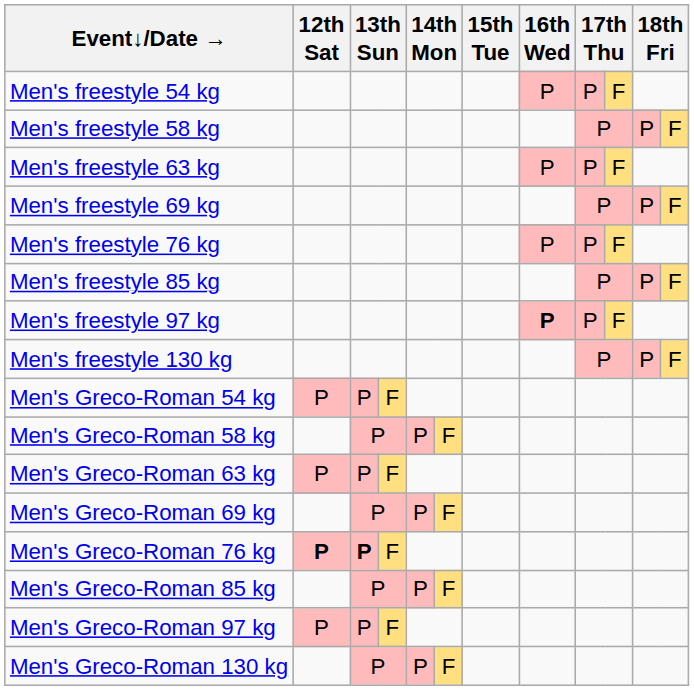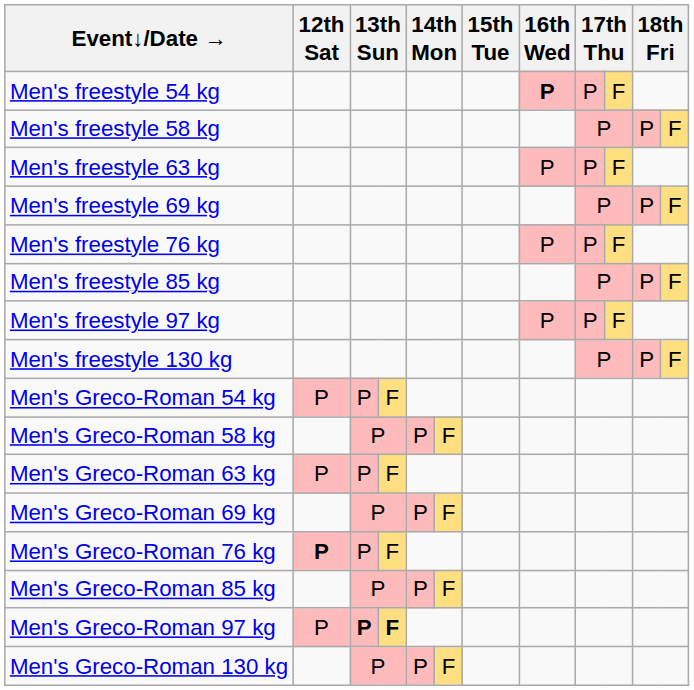 <table class="wikitable" style="margin:0.5em auto; font-size:90%; line-height:1.25em; text-align:center;">
 <tr>
 <th>Event↓/Date →</th>
 <th>12th<br>Sat</th>
 <th colspan=2>13th<br>Sun</th>
 <th colspan=2>14th<br>Mon</th>
 <th>15th<br>Tue</th>
 <th>16th<br>Wed</th>
 <th colspan=2>17th<br>Thu</th>
 <th colspan=2>18th<br>Fri</th>
 </tr>
 <tr>
 <td align="left"><a href='#'>Men's freestyle 54 kg</a></td>
 <td></td>
 <td colspan=2></td>
 <td colspan=2></td>
 <td></td>
-<td bgcolor="#FFBBBB">P</td>
+<td bgcolor="#FFBBBB"><strong>P</strong></td>
 <td bgcolor="#FFBBBB">P</td>
 <td bgcolor="#FFDF80">F</td>
 <td colspan=2></td>
 </tr>
 <tr>
 <td align="left"><a href='#'>Men's freestyle 58 kg</a></td>
 <td></td>
 <td colspan=2></td>
 <td colspan=2></td>
 <td></td>
 <td></td>
 <td colspan=2 bgcolor="#FFBBBB">P</td>
 <td bgcolor="#FFBBBB">P</td>
 <td bgcolor="#FFDF80">F</td>
 </tr>
 <tr>
 <td align="left"><a href='#'>Men's freestyle 63 kg</a></td>
 <td></td>
 <td colspan=2></td>
 <td colspan=2></td>
 <td></td>
 <td bgcolor="#FFBBBB">P</td>
 <td bgcolor="#FFBBBB">P</td>
 <td bgcolor="#FFDF80">F</td>
 <td colspan=2></td>
 </tr>
 <tr>
 <td align="left"><a href='#'>Men's freestyle 69 kg</a></td>
 <td></td>
 <td colspan=2></td>
 <td colspan=2></td>
 <td></td>
 <td></td>
 <td colspan=2 bgcolor="#FFBBBB">P</td>
 <td bgcolor="#FFBBBB">P</td>
 <td bgcolor="#FFDF80">F</td>
 </tr>
 <tr>
 <td align="left"><a href='#'>Men's freestyle 76 kg</a></td>
 <td></td>
 <td colspan=2></td>
 <td colspan=2></td>
 <td></td>
 <td bgcolor="#FFBBBB">P</td>
 <td bgcolor="#FFBBBB">P</td>
 <td bgcolor="#FFDF80">F</td>
 <td colspan=2></td>
 </tr>
 <tr>
 <td align="left"><a href='#'>Men's freestyle 85 kg</a></td>
 <td></td>
 <td colspan=2></td>
 <td colspan=2></td>
 <td></td>
 <td></td>
 <td colspan=2 bgcolor="#FFBBBB">P</td>
 <td bgcolor="#FFBBBB">P</td>
 <td bgcolor="#FFDF80">F</td>
 </tr>
 <tr>
 <td align="left"><a href='#'>Men's freestyle 97 kg</a></td>
 <td></td>
 <td colspan=2></td>
 <td colspan=2></td>
 <td></td>
-<td bgcolor="#FFBBBB"><strong>P</strong></td>
+<td bgcolor="#FFBBBB">P</td>
 <td bgcolor="#FFBBBB">P</td>
 <td bgcolor="#FFDF80">F</td>
 <td colspan=2></td>
 </tr>
 <tr>
 <td align="left"><a href='#'>Men's freestyle 130 kg</a></td>
 <td></td>
 <td colspan=2></td>
 <td colspan=2></td>
 <td></td>
 <td></td>
 <td colspan=2 bgcolor="#FFBBBB">P</td>
 <td bgcolor="#FFBBBB">P</td>
 <td bgcolor="#FFDF80">F</td>
 </tr>
 <tr>
 <td align="left"><a href='#'>Men's Greco-Roman 54 kg</a></td>
 <td bgcolor="#FFBBBB">P</td>
 <td bgcolor="#FFBBBB">P</td>
 <td bgcolor="#FFDF80">F</td>
 <td colspan=2></td>
 <td></td>
 <td></td>
 <td colspan=2></td>
 <td colspan=2></td>
 </tr>
 <tr>
 <td align="left"><a href='#'>Men's Greco-Roman 58 kg</a></td>
 <td></td>
 <td colspan=2 bgcolor="#FFBBBB">P</td>
 <td bgcolor="#FFBBBB">P</td>
 <td bgcolor="#FFDF80">F</td>
 <td></td>
 <td></td>
 <td colspan=2></td>
 <td colspan=2></td>
 </tr>
 <tr>
 <td align="left"><a href='#'>Men's Greco-Roman 63 kg</a></td>
 <td bgcolor="#FFBBBB">P</td>
 <td bgcolor="#FFBBBB">P</td>
 <td bgcolor="#FFDF80">F</td>
 <td colspan=2></td>
 <td></td>
 <td></td>
 <td colspan=2></td>
 <td colspan=2></td>
 </tr>
 <tr>
 <td align="left"><a href='#'>Men's Greco-Roman 69 kg</a></td>
 <td></td>
 <td colspan=2 bgcolor="#FFBBBB">P</td>
 <td bgcolor="#FFBBBB">P</td>
 <td bgcolor="#FFDF80">F</td>
 <td></td>
 <td></td>
 <td colspan=2></td>
 <td colspan=2></td>
 </tr>
 <tr>
 <td align="left"><a href='#'>Men's Greco-Roman 76 kg</a></td>
 <td bgcolor="#FFBBBB"><strong>P</strong></td>
-<td bgcolor="#FFBBBB"><strong>P</strong></td>
+<td bgcolor="#FFBBBB">P</td>
 <td bgcolor="#FFDF80">F</td>
 <td colspan=2></td>
 <td></td>
 <td></td>
 <td colspan=2></td>
 <td colspan=2></td>
 </tr>
 <tr>
 <td align="left"><a href='#'>Men's Greco-Roman 85 kg</a></td>
 <td></td>
 <td colspan=2 bgcolor="#FFBBBB">P</td>
 <td bgcolor="#FFBBBB">P</td>
 <td bgcolor="#FFDF80">F</td>
 <td></td>
 <td></td>
 <td colspan=2></td>
 <td colspan=2></td>
 </tr>
 <tr>
 <td align="left"><a href='#'>Men's Greco-Roman 97 kg</a></td>
 <td bgcolor="#FFBBBB">P</td>
-<td bgcolor="#FFBBBB">P</td>
-<td bgcolor="#FFDF80">F</td>
+<td bgcolor="#FFBBBB"><strong>P</strong></td>
+<td bgcolor="#FFDF80"><strong>F</strong></td>
 <td colspan=2></td>
 <td></td>
 <td></td>
 <td colspan=2></td>
 <td colspan=2></td>
 </tr>
 <tr>
 <td align="left"><a href='#'>Men's Greco-Roman 130 kg</a></td>
 <td></td>
 <td colspan=2 bgcolor="#FFBBBB">P</td>
 <td bgcolor="#FFBBBB">P</td>
 <td bgcolor="#FFDF80">F</td>
 <td></td>
 <td></td>
 <td colspan=2></td>
 <td colspan=2></td>
 </tr>
 </table>
